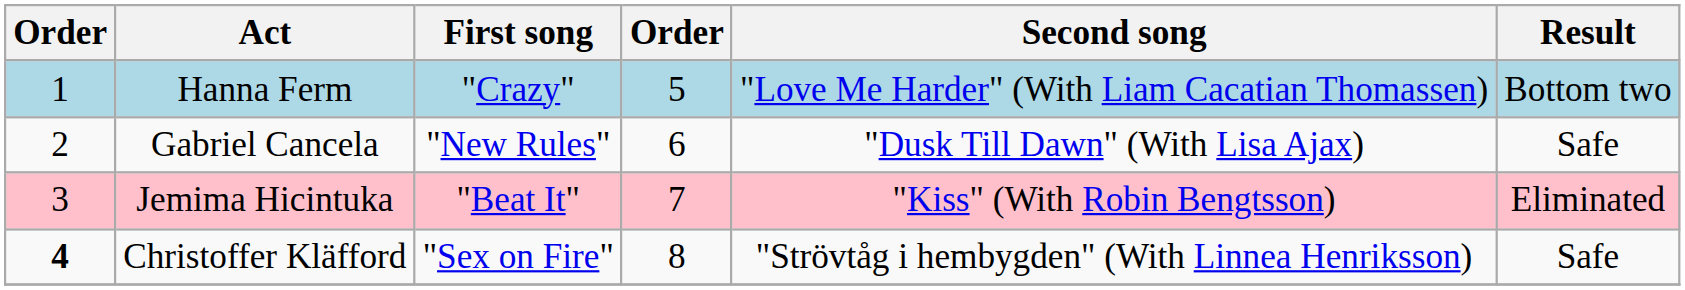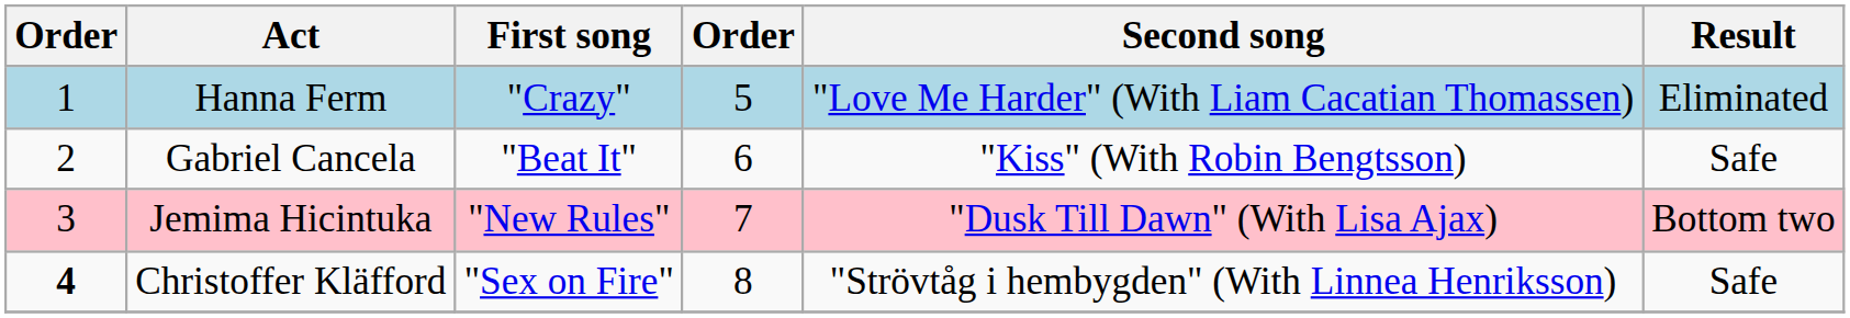 <table class="wikitable plainrowheaders" style="text-align:center;">
 <tr>
 <th>Order</th>
 <th>Act</th>
 <th>First song</th>
 <th>Order</th>
 <th>Second song</th>
 <th>Result</th>
 </tr>
 <tr style="background:lightblue;">
 <td>1</td>
 <td>Hanna Ferm</td>
 <td>"<a href='#'>Crazy</a>"</td>
 <td>5</td>
 <td>"<a href='#'>Love Me Harder</a>" (With <a href='#'>Liam Cacatian Thomassen</a>)</td>
-<td>Bottom two</td>
+<td>Eliminated</td>
 </tr>
 <tr>
 <td>2</td>
 <td>Gabriel Cancela</td>
-<td>"<a href='#'>New Rules</a>"</td>
+<td>"<a href='#'>Beat It</a>"</td>
 <td>6</td>
-<td>"<a href='#'>Dusk Till Dawn</a>" (With <a href='#'>Lisa Ajax</a>)</td>
+<td>"<a href='#'>Kiss</a>" (With <a href='#'>Robin Bengtsson</a>)</td>
 <td>Safe</td>
 </tr>
 <tr style="background:pink;">
 <td>3</td>
 <td>Jemima Hicintuka</td>
-<td>"<a href='#'>Beat It</a>"</td>
+<td>"<a href='#'>New Rules</a>"</td>
 <td>7</td>
-<td>"<a href='#'>Kiss</a>" (With <a href='#'>Robin Bengtsson</a>)</td>
-<td>Eliminated</td>
+<td>"<a href='#'>Dusk Till Dawn</a>" (With <a href='#'>Lisa Ajax</a>)</td>
+<td>Bottom two</td>
 </tr>
 <tr>
 <td><strong>4</strong></td>
 <td>Christoffer Kläfford</td>
 <td>"<a href='#'>Sex on Fire</a>"</td>
 <td>8</td>
 <td>"Strövtåg i hembygden" (With <a href='#'>Linnea Henriksson</a>)</td>
 <td>Safe</td>
 </tr>
 <tr>
 </tr>
 </table>
